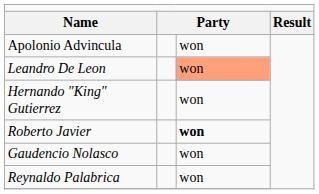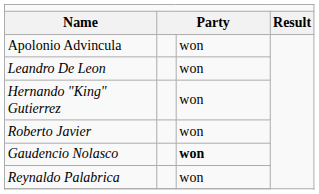 <table class=wikitable style="font-size:90%">
 <tr>
 <td colspan=4 bgcolor=></td>
 </tr>
 <tr>
 <th width=150px>Name</th>
 <th colspan=2 width=110px>Party</th>
 <th>Result</th>
 </tr>
 <tr>
 <td>Apolonio Advincula</td>
 <td></td>
 <td>won</td>
 </tr>
 <tr>
 <td><em>Leandro De Leon</em></td>
 <td></td>
-<td style="background: lightsalmon;">won</td>
+<td>won</td>
 </tr>
 <tr>
 <td><em>Hernando "King" Gutierrez</em></td>
 <td></td>
 <td>won</td>
 </tr>
 <tr>
 <td><em>Roberto Javier</em></td>
 <td></td>
-<td><strong>won</strong></td>
+<td>won</td>
 </tr>
 <tr>
 <td><em>Gaudencio Nolasco</em></td>
 <td></td>
-<td>won</td>
+<td><strong>won</strong></td>
 </tr>
 <tr>
 <td><em>Reynaldo Palabrica</em></td>
 <td></td>
 <td>won</td>
 </tr>
 <tr>
 </tr>
 </table>
